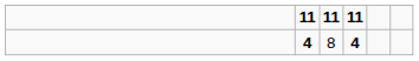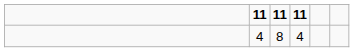 <table class="wikitable">
 <tr>
 <td style="width:18em"><strong></strong></td>
 <td align=center style="width:1em"><strong>11</strong></td>
 <td align=center style="width:1em"><strong>11</strong></td>
 <td align=center style="width:1em"><strong>11</strong></td>
 <td align=center style="width:1em"></td>
 <td align=center style="width:1em"></td>
 </tr>
 <tr>
 <td style="width:18em"></td>
-<td align=center style="width:1em"><strong>4</strong></td>
+<td align=center style="width:1em">4</td>
 <td align=center style="width:1em">8</td>
-<td align=center style="width:1em"><strong>4</strong></td>
+<td align=center style="width:1em">4</td>
 <td align=center style="width:1em"></td>
 <td align=center style="width:1em"></td>
 </tr>
 </table>
